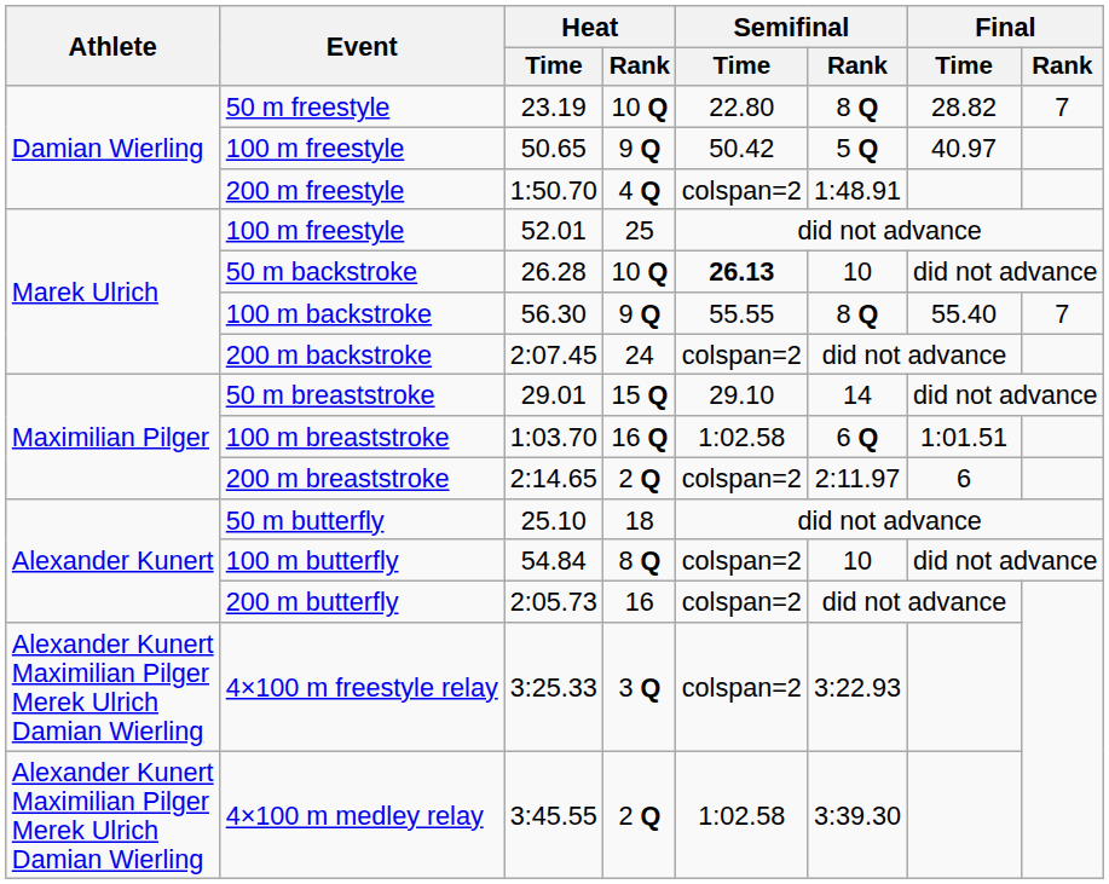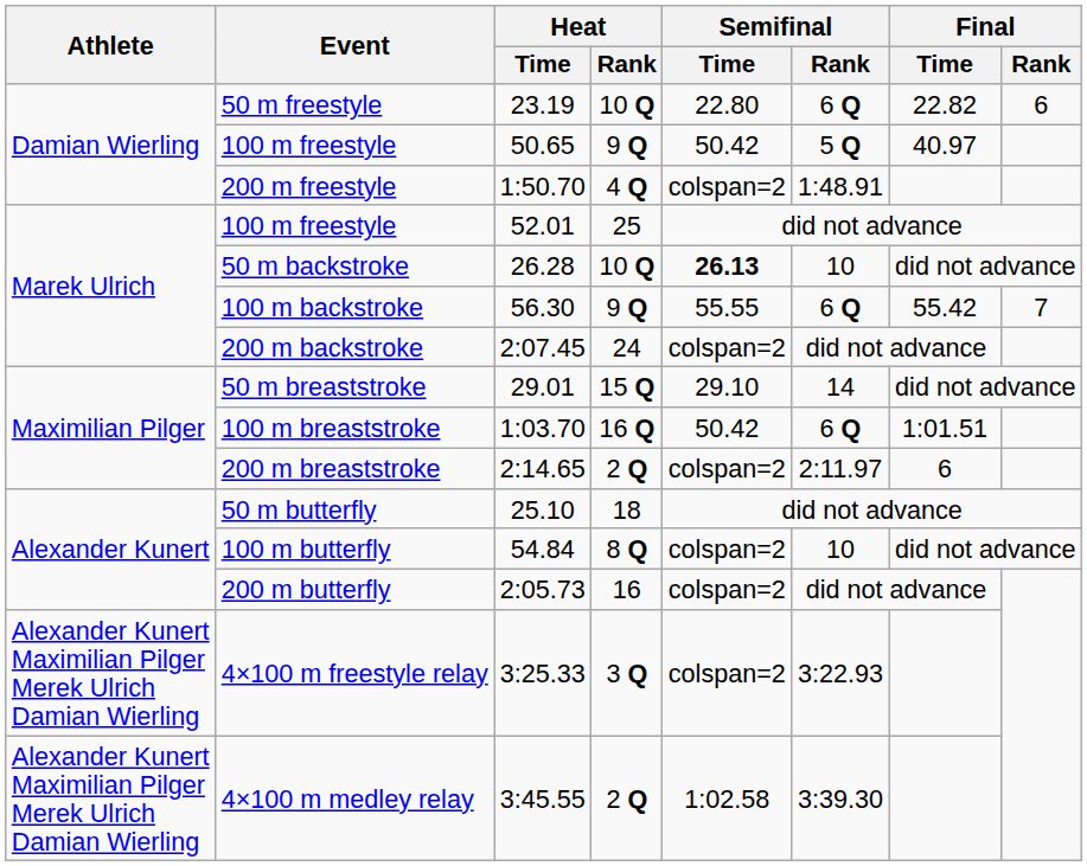 <table class=wikitable style="font-size:90%">
 <tr>
 <th rowspan=2>Athlete</th>
 <th rowspan=2>Event</th>
 <th colspan="2">Heat</th>
 <th colspan="2">Semifinal</th>
 <th colspan="2">Final</th>
 </tr>
 <tr style="font-size:95%">
 <th>Time</th>
 <th>Rank</th>
 <th>Time</th>
 <th>Rank</th>
 <th>Time</th>
 <th>Rank</th>
 </tr>
 <tr align=center>
 <td align=left rowspan=3><a href='#'>Damian Wierling</a></td>
 <td align=left><a href='#'>50 m freestyle</a></td>
 <td>23.19</td>
 <td>10 <strong>Q</strong></td>
 <td>22.80</td>
-<td>8 <strong>Q</strong></td>
-<td>28.82</td>
-<td>7</td>
+<td>6 <strong>Q</strong></td>
+<td>22.82</td>
+<td>6</td>
 </tr>
 <tr align=center>
 <td align=left><a href='#'>100 m freestyle</a></td>
 <td>50.65</td>
 <td>9 <strong>Q</strong></td>
 <td>50.42</td>
 <td>5 <strong>Q</strong></td>
 <td>40.97</td>
 <td></td>
 </tr>
 <tr align=center>
 <td align=left><a href='#'>200 m freestyle</a></td>
 <td>1:50.70</td>
 <td>4 <strong>Q</strong></td>
 <td>colspan=2 </td>
 <td>1:48.91</td>
 <td></td>
 </tr>
 <tr align=center>
 <td align=left rowspan=4><a href='#'>Marek Ulrich</a></td>
 <td align=left><a href='#'>100 m freestyle</a></td>
 <td>52.01</td>
 <td>25</td>
 <td colspan=4>did not advance</td>
 </tr>
 <tr align=center>
 <td align=left><a href='#'>50 m backstroke</a></td>
 <td>26.28</td>
 <td>10 <strong>Q</strong></td>
 <td><strong>26.13</strong></td>
 <td>10</td>
 <td colspan=2>did not advance</td>
 </tr>
 <tr align=center>
 <td align=left><a href='#'>100 m backstroke</a></td>
 <td>56.30</td>
 <td>9 <strong>Q</strong></td>
 <td>55.55</td>
-<td>8 <strong>Q</strong></td>
-<td>55.40</td>
+<td>6 <strong>Q</strong></td>
+<td>55.42</td>
 <td>7</td>
 </tr>
 <tr align=center>
 <td align=left><a href='#'>200 m backstroke</a></td>
 <td>2:07.45</td>
 <td>24</td>
 <td>colspan=2 </td>
 <td colspan=2>did not advance</td>
 </tr>
 <tr align=center>
 <td align=left rowspan=3><a href='#'>Maximilian Pilger</a></td>
 <td align=left><a href='#'>50 m breaststroke</a></td>
 <td>29.01</td>
 <td>15 <strong>Q</strong></td>
 <td>29.10</td>
 <td>14</td>
 <td colspan=4>did not advance</td>
 </tr>
 <tr align=center>
 <td align=left><a href='#'>100 m breaststroke</a></td>
 <td>1:03.70</td>
 <td>16 <strong>Q</strong></td>
-<td>1:02.58</td>
+<td>50.42</td>
 <td>6 <strong>Q</strong></td>
 <td>1:01.51</td>
 <td></td>
 </tr>
 <tr align=center>
 <td align=left><a href='#'>200 m breaststroke</a></td>
 <td>2:14.65</td>
 <td>2 <strong>Q</strong></td>
 <td>colspan=2 </td>
 <td>2:11.97</td>
 <td>6</td>
 </tr>
 <tr align=center>
 <td align=left rowspan=3><a href='#'>Alexander Kunert</a></td>
 <td align=left><a href='#'>50 m butterfly</a></td>
 <td>25.10</td>
 <td>18</td>
 <td colspan=4>did not advance</td>
 </tr>
 <tr align=center>
 <td align=left><a href='#'>100 m butterfly</a></td>
 <td>54.84</td>
 <td>8 <strong>Q</strong></td>
 <td>colspan=2 </td>
 <td>10</td>
 <td colspan=2>did not advance</td>
 </tr>
 <tr align=center>
 <td align=left><a href='#'>200 m butterfly</a></td>
 <td>2:05.73</td>
 <td>16</td>
 <td>colspan=2 </td>
 <td colspan=2>did not advance</td>
 </tr>
 <tr align=center>
 <td align=left><a href='#'>Alexander Kunert</a><br><a href='#'>Maximilian Pilger</a><br><a href='#'>Merek Ulrich</a><br><a href='#'>Damian Wierling</a></td>
 <td align=left><a href='#'>4×100 m freestyle relay</a></td>
 <td>3:25.33</td>
 <td>3 <strong>Q</strong></td>
 <td>colspan=2 </td>
 <td>3:22.93</td>
 <td></td>
 </tr>
 <tr align=center>
 <td align=left><a href='#'>Alexander Kunert</a><br><a href='#'>Maximilian Pilger</a><br><a href='#'>Merek Ulrich</a><br><a href='#'>Damian Wierling</a></td>
 <td align=left><a href='#'>4×100 m medley relay</a></td>
 <td>3:45.55</td>
 <td>2 <strong>Q</strong></td>
 <td>1:02.58</td>
 <td>3:39.30</td>
 <td></td>
 </tr>
 </table>
